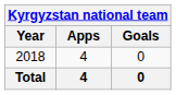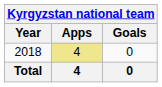 <table class="wikitable" style="text-align:center">
 <tr>
 <th colspan=3><a href='#'>Kyrgyzstan national team</a></th>
 </tr>
 <tr>
 <th>Year</th>
 <th>Apps</th>
 <th>Goals</th>
 </tr>
 <tr>
 <td>2018</td>
-<td>4</td>
+<td style="background: khaki;">4</td>
 <td>0</td>
 </tr>
 <tr>
 <th>Total</th>
 <th>4</th>
 <th>0</th>
 </tr>
 </table>
